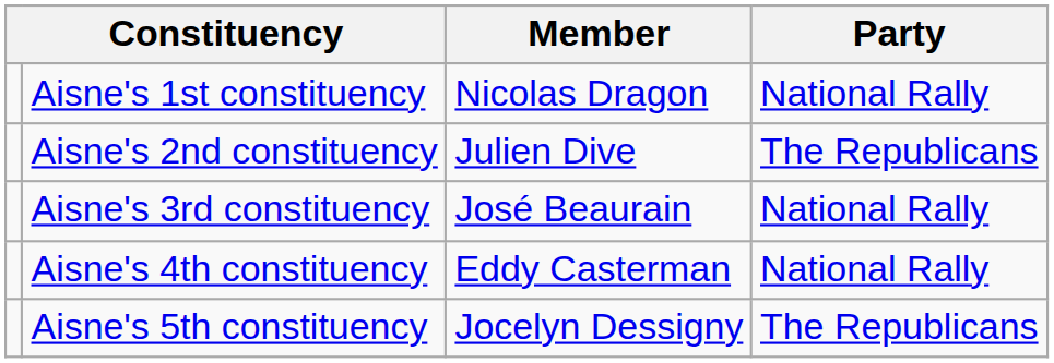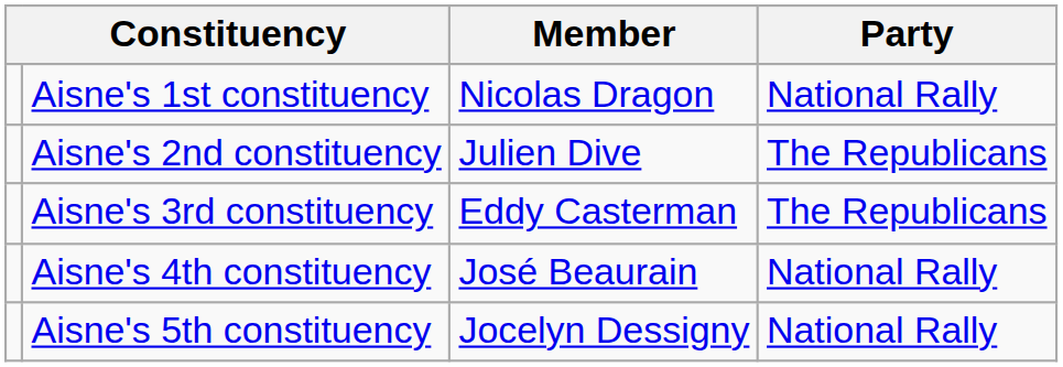 <table class="wikitable">
 <tr>
 <th colspan="2">Constituency</th>
 <th>Member</th>
 <th>Party</th>
 </tr>
 <tr>
 <td style="background-color: "></td>
 <td><a href='#'>Aisne's 1st constituency</a></td>
 <td><a href='#'>Nicolas Dragon</a></td>
 <td><a href='#'>National Rally</a></td>
 </tr>
 <tr>
 <td style="background-color: "></td>
 <td><a href='#'>Aisne's 2nd constituency</a></td>
 <td><a href='#'>Julien Dive</a></td>
 <td><a href='#'>The Republicans</a></td>
 </tr>
 <tr>
 <td style="background-color: "></td>
 <td><a href='#'>Aisne's 3rd constituency</a></td>
-<td><a href='#'>José Beaurain</a></td>
-<td><a href='#'>National Rally</a></td>
+<td><a href='#'>Eddy Casterman</a></td>
+<td><a href='#'>The Republicans</a></td>
 </tr>
 <tr>
 <td style="background-color: "></td>
 <td><a href='#'>Aisne's 4th constituency</a></td>
-<td><a href='#'>Eddy Casterman</a></td>
+<td><a href='#'>José Beaurain</a></td>
 <td><a href='#'>National Rally</a></td>
 </tr>
 <tr>
 <td style="background-color: "></td>
 <td><a href='#'>Aisne's 5th constituency</a></td>
 <td><a href='#'>Jocelyn Dessigny</a></td>
-<td><a href='#'>The Republicans</a></td>
+<td><a href='#'>National Rally</a></td>
 </tr>
 </table>
